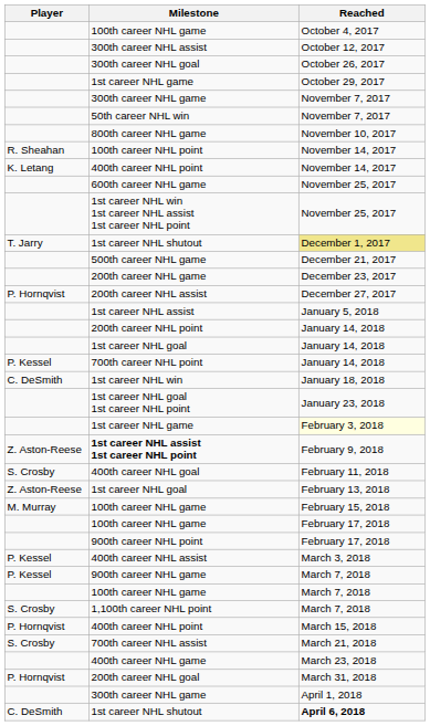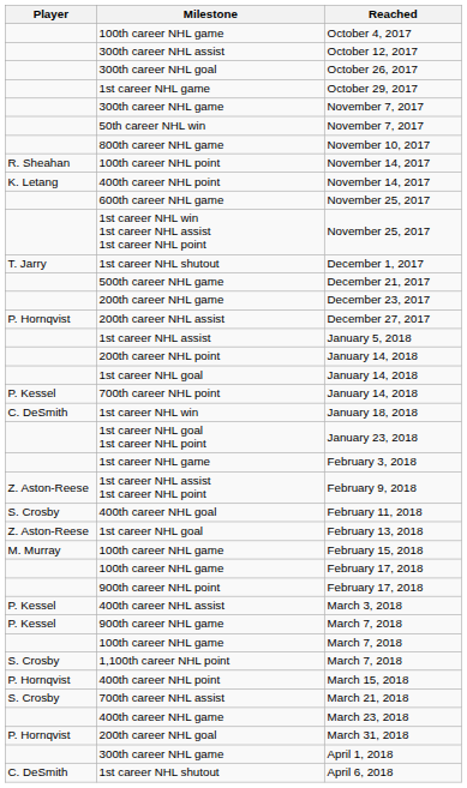 <table class="wikitable sortable" style="width:100%;">
 <tr align=center>
 <th style="width:20%;">Player</th>
 <th style="width:50%;">Milestone</th>
 <th style="width:30%;" data-sort-type="date">Reached</th>
 </tr>
 <tr>
 <td></td>
 <td>100th career NHL game</td>
 <td>October 4, 2017</td>
 </tr>
 <tr>
 <td></td>
 <td>300th career NHL assist</td>
 <td>October 12, 2017</td>
 </tr>
 <tr>
 <td></td>
 <td>300th career NHL goal</td>
 <td>October 26, 2017</td>
 </tr>
 <tr>
 <td></td>
 <td>1st career NHL game</td>
 <td>October 29, 2017</td>
 </tr>
 <tr>
 <td></td>
 <td>300th career NHL game</td>
 <td>November 7, 2017</td>
 </tr>
 <tr>
 <td></td>
 <td>50th career NHL win</td>
 <td>November 7, 2017</td>
 </tr>
 <tr>
 <td></td>
 <td>800th career NHL game</td>
 <td>November 10, 2017</td>
 </tr>
 <tr>
 <td>R. Sheahan</td>
 <td>100th career NHL point</td>
 <td>November 14, 2017</td>
 </tr>
 <tr>
 <td>K. Letang</td>
 <td>400th career NHL point</td>
 <td>November 14, 2017</td>
 </tr>
 <tr>
 <td></td>
 <td>600th career NHL game</td>
 <td>November 25, 2017</td>
 </tr>
 <tr>
 <td></td>
 <td>1st career NHL win<br>1st career NHL assist<br>1st career NHL point</td>
 <td>November 25, 2017</td>
 </tr>
 <tr>
 <td>T. Jarry</td>
 <td>1st career NHL shutout</td>
-<td style="background: khaki;">December 1, 2017</td>
+<td>December 1, 2017</td>
 </tr>
 <tr>
 <td></td>
 <td>500th career NHL game</td>
 <td>December 21, 2017</td>
 </tr>
 <tr>
 <td></td>
 <td>200th career NHL game</td>
 <td>December 23, 2017</td>
 </tr>
 <tr>
 <td>P. Hornqvist</td>
 <td>200th career NHL assist</td>
 <td>December 27, 2017</td>
 </tr>
 <tr>
 <td></td>
 <td>1st career NHL assist</td>
 <td>January 5, 2018</td>
 </tr>
 <tr>
 <td></td>
 <td>200th career NHL point</td>
 <td>January 14, 2018</td>
 </tr>
 <tr>
 <td></td>
 <td>1st career NHL goal</td>
 <td>January 14, 2018</td>
 </tr>
 <tr>
 <td>P. Kessel</td>
 <td>700th career NHL point</td>
 <td>January 14, 2018</td>
 </tr>
 <tr>
 <td>C. DeSmith</td>
 <td>1st career NHL win</td>
 <td>January 18, 2018</td>
 </tr>
 <tr>
 <td></td>
 <td>1st career NHL goal<br>1st career NHL point</td>
 <td>January 23, 2018</td>
 </tr>
 <tr>
 <td></td>
 <td>1st career NHL game</td>
-<td style="background: lightyellow;">February 3, 2018</td>
+<td>February 3, 2018</td>
 </tr>
 <tr>
 <td>Z. Aston-Reese</td>
-<td><strong>1st career NHL assist<br>1st career NHL point</strong></td>
+<td>1st career NHL assist<br>1st career NHL point</td>
 <td>February 9, 2018</td>
 </tr>
 <tr>
 <td>S. Crosby</td>
 <td>400th career NHL goal</td>
 <td>February 11, 2018</td>
 </tr>
 <tr>
 <td>Z. Aston-Reese</td>
 <td>1st career NHL goal</td>
 <td>February 13, 2018</td>
 </tr>
 <tr>
 <td>M. Murray</td>
 <td>100th career NHL game</td>
 <td>February 15, 2018</td>
 </tr>
 <tr>
 <td></td>
 <td>100th career NHL game</td>
 <td>February 17, 2018</td>
 </tr>
 <tr>
 <td></td>
 <td>900th career NHL point</td>
 <td>February 17, 2018</td>
 </tr>
 <tr>
 <td>P. Kessel</td>
 <td>400th career NHL assist</td>
 <td>March 3, 2018</td>
 </tr>
 <tr>
 <td>P. Kessel</td>
 <td>900th career NHL game</td>
 <td>March 7, 2018</td>
 </tr>
 <tr>
 <td></td>
 <td>100th career NHL game</td>
 <td>March 7, 2018</td>
 </tr>
 <tr>
 <td>S. Crosby</td>
 <td>1,100th career NHL point</td>
 <td>March 7, 2018</td>
 </tr>
 <tr>
 <td>P. Hornqvist</td>
 <td>400th career NHL point</td>
 <td>March 15, 2018</td>
 </tr>
 <tr>
 <td>S. Crosby</td>
 <td>700th career NHL assist</td>
 <td>March 21, 2018</td>
 </tr>
 <tr>
 <td></td>
 <td>400th career NHL game</td>
 <td>March 23, 2018</td>
 </tr>
 <tr>
 <td>P. Hornqvist</td>
 <td>200th career NHL goal</td>
 <td>March 31, 2018</td>
 </tr>
 <tr>
 <td></td>
 <td>300th career NHL game</td>
 <td>April 1, 2018</td>
 </tr>
 <tr>
 <td>C. DeSmith</td>
 <td>1st career NHL shutout</td>
-<td><strong>April 6, 2018</strong></td>
+<td>April 6, 2018</td>
 </tr>
 </table>
